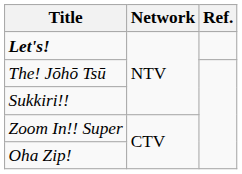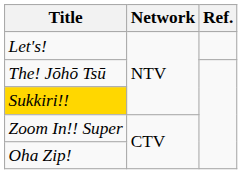 <table class="wikitable">
 <tr>
 <th>Title</th>
 <th>Network</th>
 <th>Ref.</th>
 </tr>
 <tr>
-<td><strong><em>Let's!</em></strong></td>
+<td><em>Let's!</em></td>
 <td rowspan="3">NTV</td>
 <td></td>
 </tr>
 <tr>
 <td><em>The! Jōhō Tsū</em></td>
 <td rowspan="4"></td>
 </tr>
 <tr>
-<td><em>Sukkiri!!</em></td>
+<td style="background: gold;"><em>Sukkiri!!</em></td>
 </tr>
 <tr>
 <td><em>Zoom In!! Super</em></td>
 <td rowspan="2">CTV</td>
 </tr>
 <tr>
 <td><em>Oha Zip!</em></td>
 </tr>
 </table>
